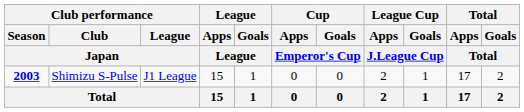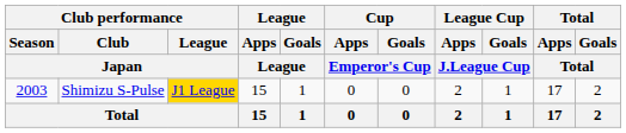 <table class="wikitable" style="text-align:center;">
 <tr>
 <th colspan=3>Club performance</th>
 <th colspan=2>League</th>
 <th colspan=2>Cup</th>
 <th colspan=2>League Cup</th>
 <th colspan=2>Total</th>
 </tr>
 <tr>
 <th>Season</th>
 <th>Club</th>
 <th>League</th>
 <th>Apps</th>
 <th>Goals</th>
 <th>Apps</th>
 <th>Goals</th>
 <th>Apps</th>
 <th>Goals</th>
 <th>Apps</th>
 <th>Goals</th>
 </tr>
 <tr>
 <th colspan=3>Japan</th>
 <th colspan=2>League</th>
 <th colspan=2><a href='#'>Emperor's Cup</a></th>
 <th colspan=2><a href='#'>J.League Cup</a></th>
 <th colspan=2>Total</th>
 </tr>
 <tr>
-<td><strong><a href='#'>2003</a></strong></td>
+<td><a href='#'>2003</a></td>
 <td><a href='#'>Shimizu S-Pulse</a></td>
-<td><a href='#'>J1 League</a></td>
+<td style="background: gold;"><a href='#'>J1 League</a></td>
 <td>15</td>
 <td>1</td>
 <td>0</td>
 <td>0</td>
 <td>2</td>
 <td>1</td>
 <td>17</td>
 <td>2</td>
 </tr>
 <tr>
 <th colspan=3>Total</th>
 <th>15</th>
 <th>1</th>
 <th>0</th>
 <th>0</th>
 <th>2</th>
 <th>1</th>
 <th>17</th>
 <th>2</th>
 </tr>
 </table>
